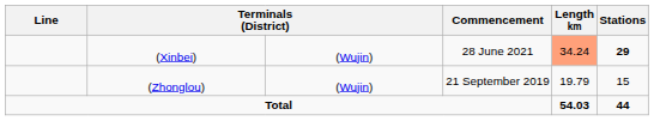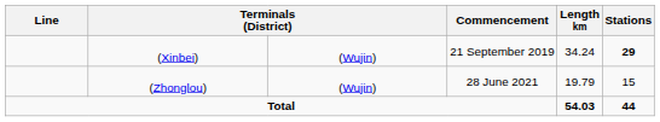 <table class="wikitable sortable" style="cell-padding:1.5; font-size:96%; text-align:center;">
 <tr>
 <th data-sort-type="text"style="width:100px;">Line</th>
 <th class="unsortable" colspan="2" style="width:400px; line-height:1.05">Terminals<br>(District)</th>
 <th>Commencement</th>
 <th style="line-height:1.05">Length<br><small>km</small></th>
 <th style="line-height:1.05">Stations</th>
 </tr>
 <tr>
 <td style="text-align:center; line-height:1.05"></td>
 <td style="text-align:center; width:225px; line-height:1.05"><strong></strong><br>(<a href='#'>Xinbei</a>)</td>
 <td style="text-align:center; width:225px; line-height:1.05"><strong></strong><br>(<a href='#'>Wujin</a>)</td>
-<td style="text-align:center; line-height:1.05">28 June 2021</td>
-<td style="background: lightsalmon; text-align:center; line-height:1.05">34.24</td>
+<td style="text-align:center; line-height:1.05">21 September 2019</td>
+<td style="text-align:center; line-height:1.05">34.24</td>
 <td style="text-align:center; line-height:1.05"><strong>29</strong></td>
 </tr>
 <tr>
 <td style="text-align:center; line-height:1.05"></td>
 <td style="text-align:center; width:225px; line-height:1.05"><strong></strong><br>(<a href='#'>Zhonglou</a>)</td>
 <td style="text-align:center; width:225px; line-height:1.05"><strong></strong><br>(<a href='#'>Wujin</a>)</td>
-<td style="text-align:center; line-height:1.05">21 September 2019</td>
+<td style="text-align:center; line-height:1.05">28 June 2021</td>
 <td style="text-align:center; line-height:1.05">19.79</td>
 <td style="text-align:center; line-height:1.05">15</td>
 </tr>
 <tr>
 <td colspan=4><strong>Total</strong></td>
 <td style="text-align:center; line-height:1.05"><strong>54.03</strong></td>
 <td style="text-align:center; line-height:1.05"><strong>44</strong></td>
 </tr>
 </table>
